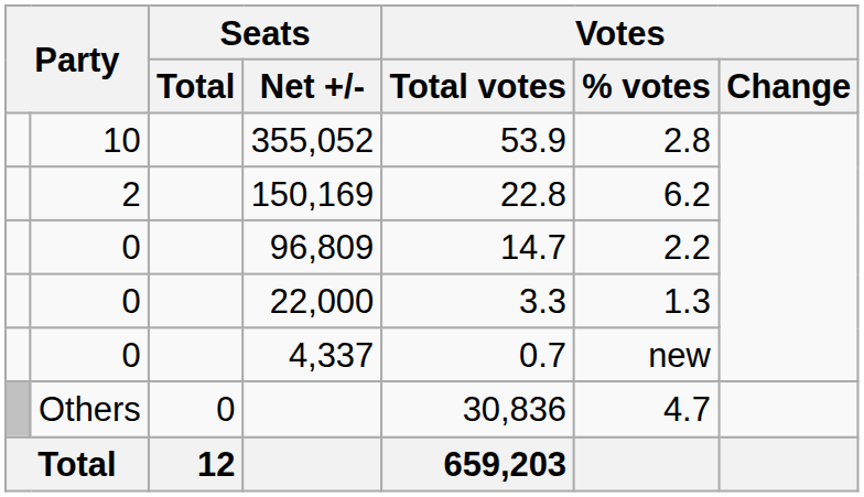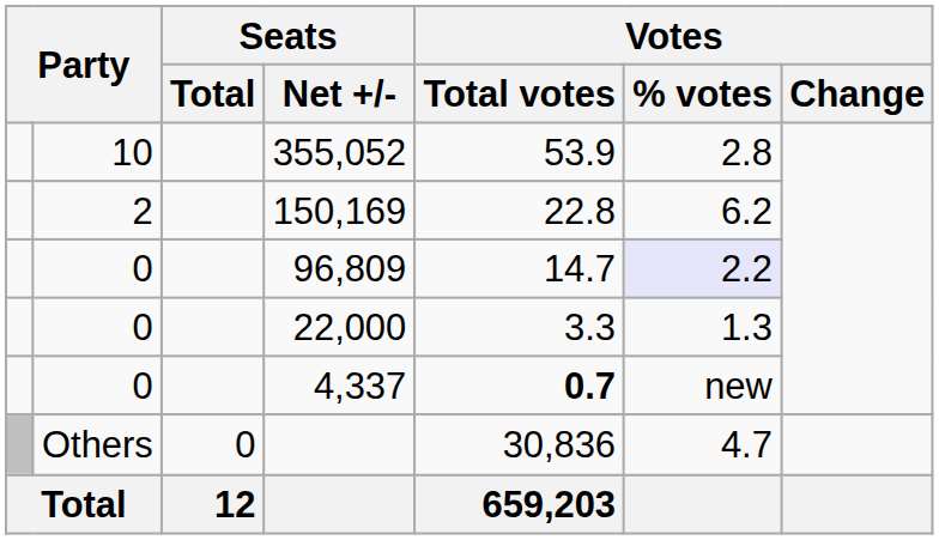 <table class="wikitable" style="text-align:right; font-size:95%;">
 <tr>
 <th colspan="2" rowspan="2">Party</th>
 <th colspan="2">Seats</th>
 <th colspan="3">Votes</th>
 </tr>
 <tr>
 <th>Total</th>
 <th>Net +/-</th>
 <th>Total votes</th>
 <th>% votes</th>
 <th>Change</th>
 </tr>
 <tr>
 <td></td>
 <td>10</td>
 <td></td>
 <td>355,052</td>
 <td>53.9</td>
 <td>2.8</td>
 </tr>
 <tr>
 <td></td>
 <td>2</td>
 <td></td>
 <td>150,169</td>
 <td>22.8</td>
 <td>6.2</td>
 </tr>
 <tr>
 <td></td>
 <td>0</td>
 <td></td>
 <td>96,809</td>
 <td>14.7</td>
-<td>2.2</td>
+<td style="background: lavender;">2.2</td>
 </tr>
 <tr>
 <td></td>
 <td>0</td>
 <td></td>
 <td>22,000</td>
 <td>3.3</td>
 <td>1.3</td>
 </tr>
 <tr>
 <td></td>
 <td>0</td>
 <td></td>
 <td>4,337</td>
-<td>0.7</td>
+<td><strong>0.7</strong></td>
 <td>new</td>
 </tr>
 <tr>
 <td style="background:silver;"> </td>
 <td align=left>Others</td>
 <td>0</td>
 <td></td>
 <td>30,836</td>
 <td>4.7</td>
 <td></td>
 </tr>
 <tr>
 <th colspan="2" style="background:#f2f2f2">Total</th>
 <td style="background:#f2f2f2;"><strong>12</strong></td>
 <td style="background:#f2f2f2;"></td>
 <td style="background:#f2f2f2;"><strong>659,203</strong></td>
 <td style="background:#f2f2f2;"></td>
 <td style="background:#f2f2f2;"></td>
 </tr>
 </table>
